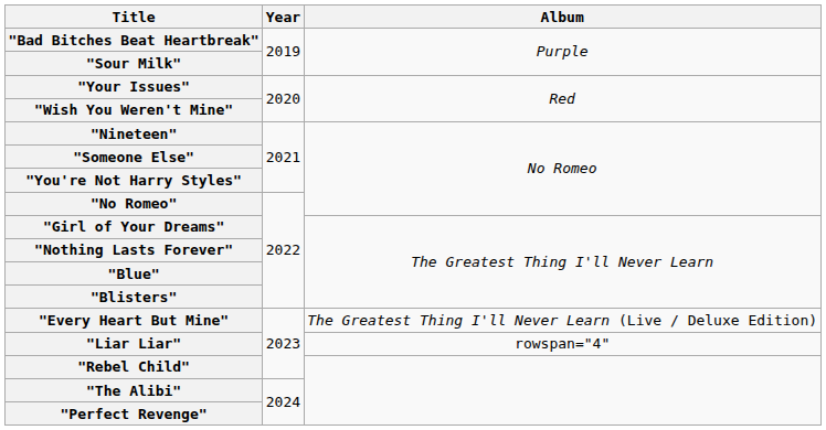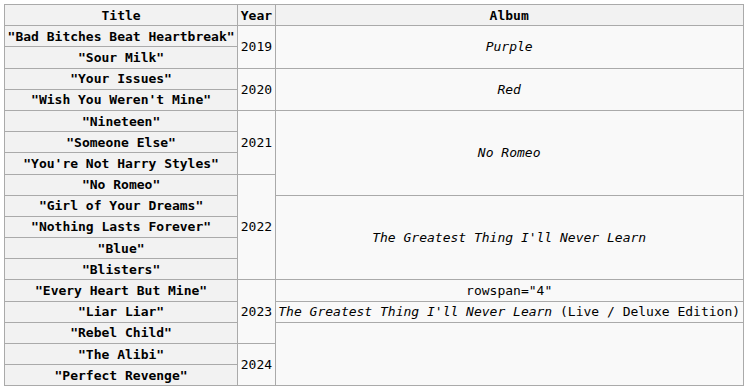 <table class="wikitable plainrowheaders" style="text-align:center;" border="1">
 <tr>
 <th>Title</th>
 <th>Year</th>
 <th>Album</th>
 </tr>
 <tr>
 <th scope="row">"Bad Bitches Beat Heartbreak"</th>
 <td rowspan="2">2019</td>
 <td rowspan="2"><em>Purple</em></td>
 </tr>
 <tr>
 <th scope="row">"Sour Milk"</th>
 </tr>
 <tr>
 <th scope="row">"Your Issues"</th>
 <td rowspan="2">2020</td>
 <td rowspan="2"><em>Red</em></td>
 </tr>
 <tr>
 <th scope="row">"Wish You Weren't Mine"</th>
 </tr>
 <tr>
 <th scope="row">"Nineteen"</th>
 <td rowspan="3">2021</td>
 <td rowspan="4"><em>No Romeo</em></td>
 </tr>
 <tr>
 <th scope="row">"Someone Else"</th>
 </tr>
 <tr>
 <th scope="row">"You're Not Harry Styles"</th>
 </tr>
 <tr>
 <th scope="row">"No Romeo"</th>
 <td rowspan="5">2022</td>
 </tr>
 <tr>
 <th scope="row">"Girl of Your Dreams"</th>
 <td rowspan="4"><em>The Greatest Thing I'll Never Learn</em></td>
 </tr>
 <tr>
 <th scope="row">"Nothing Lasts Forever"</th>
 </tr>
 <tr>
 <th scope="row">"Blue"</th>
 </tr>
 <tr>
 <th scope="row">"Blisters"</th>
 </tr>
 <tr>
 <th scope="row">"Every Heart But Mine"</th>
 <td rowspan="3">2023</td>
-<td><em>The Greatest Thing I'll Never Learn</em> (Live / Deluxe Edition)</td>
+<td>rowspan="4" </td>
 </tr>
 <tr>
 <th scope="row">"Liar Liar"<br></th>
-<td>rowspan="4" </td>
+<td><em>The Greatest Thing I'll Never Learn</em> (Live / Deluxe Edition)</td>
 </tr>
 <tr>
 <th scope="row">"Rebel Child"</th>
 </tr>
 <tr>
 <th scope="row">"The Alibi"</th>
 <td rowspan="2">2024</td>
 </tr>
 <tr>
 <th scope="row">"Perfect Revenge"</th>
 </tr>
 </table>
